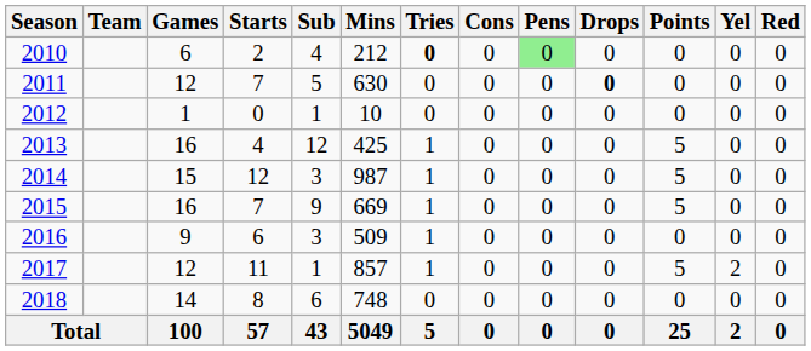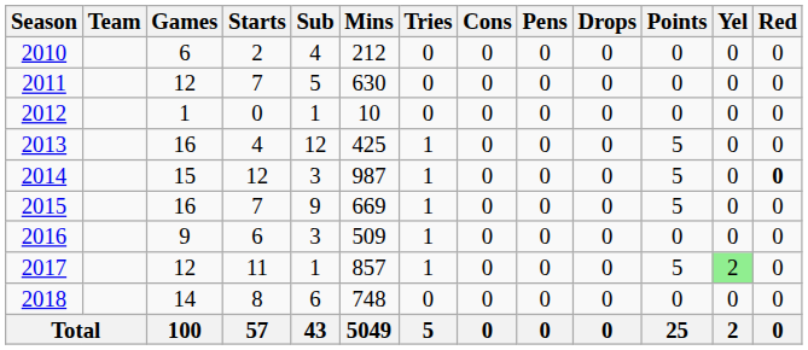 <table class="wikitable" style="text-align:center; line-height:90%; font-size:95%; width:60%;">
 <tr>
 <th>Season</th>
 <th>Team</th>
 <th>Games</th>
 <th>Starts</th>
 <th>Sub</th>
 <th>Mins</th>
 <th>Tries</th>
 <th>Cons</th>
 <th>Pens</th>
 <th>Drops</th>
 <th>Points</th>
 <th>Yel</th>
 <th>Red</th>
 </tr>
 <tr>
 <td><a href='#'>2010</a></td>
 <td></td>
 <td>6</td>
 <td>2</td>
 <td>4</td>
 <td>212</td>
-<td><strong>0</strong></td>
 <td>0</td>
-<td style="background: lightgreen;">0</td>
+<td>0</td>
+<td>0</td>
 <td>0</td>
 <td>0</td>
 <td>0</td>
 <td>0</td>
 </tr>
 <tr>
 <td><a href='#'>2011</a></td>
 <td></td>
 <td>12</td>
 <td>7</td>
 <td>5</td>
 <td>630</td>
 <td>0</td>
 <td>0</td>
 <td>0</td>
-<td><strong>0</strong></td>
+<td>0</td>
 <td>0</td>
 <td>0</td>
 <td>0</td>
 </tr>
 <tr>
 <td><a href='#'>2012</a></td>
 <td></td>
 <td>1</td>
 <td>0</td>
 <td>1</td>
 <td>10</td>
 <td>0</td>
 <td>0</td>
 <td>0</td>
 <td>0</td>
 <td>0</td>
 <td>0</td>
 <td>0</td>
 </tr>
 <tr>
 <td><a href='#'>2013</a></td>
 <td></td>
 <td>16</td>
 <td>4</td>
 <td>12</td>
 <td>425</td>
 <td>1</td>
 <td>0</td>
 <td>0</td>
 <td>0</td>
 <td>5</td>
 <td>0</td>
 <td>0</td>
 </tr>
 <tr>
 <td><a href='#'>2014</a></td>
 <td></td>
 <td>15</td>
 <td>12</td>
 <td>3</td>
 <td>987</td>
 <td>1</td>
 <td>0</td>
 <td>0</td>
 <td>0</td>
 <td>5</td>
 <td>0</td>
-<td>0</td>
+<td><strong>0</strong></td>
 </tr>
 <tr>
 <td><a href='#'>2015</a></td>
 <td></td>
 <td>16</td>
 <td>7</td>
 <td>9</td>
 <td>669</td>
 <td>1</td>
 <td>0</td>
 <td>0</td>
 <td>0</td>
 <td>5</td>
 <td>0</td>
 <td>0</td>
 </tr>
 <tr>
 <td><a href='#'>2016</a></td>
 <td></td>
 <td>9</td>
 <td>6</td>
 <td>3</td>
 <td>509</td>
 <td>1</td>
 <td>0</td>
 <td>0</td>
 <td>0</td>
 <td>0</td>
 <td>0</td>
 <td>0</td>
 </tr>
 <tr>
 <td><a href='#'>2017</a></td>
 <td></td>
 <td>12</td>
 <td>11</td>
 <td>1</td>
 <td>857</td>
 <td>1</td>
 <td>0</td>
 <td>0</td>
 <td>0</td>
 <td>5</td>
-<td>2</td>
+<td style="background: lightgreen;">2</td>
 <td>0</td>
 </tr>
 <tr>
 <td><a href='#'>2018</a></td>
 <td></td>
 <td>14</td>
 <td>8</td>
 <td>6</td>
 <td>748</td>
 <td>0</td>
 <td>0</td>
 <td>0</td>
 <td>0</td>
 <td>0</td>
 <td>0</td>
 <td>0</td>
 </tr>
 <tr>
 <th colspan="2">Total</th>
 <th>100</th>
 <th>57</th>
 <th>43</th>
 <th>5049</th>
 <th>5</th>
 <th>0</th>
 <th>0</th>
 <th>0</th>
 <th>25</th>
 <th>2</th>
 <th>0</th>
 </tr>
 </table>
